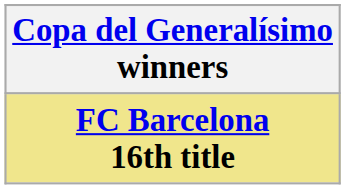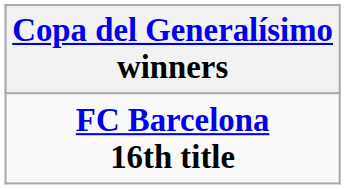 <table class="wikitable" style="text-align: center; margin: 0 auto;">
 <tr>
 <th><a href='#'>Copa del Generalísimo</a><br>winners</th>
 </tr>
 <tr>
-<td style="background: khaki;"><strong><a href='#'>FC Barcelona</a></strong><br><strong>16th title</strong></td>
+<td><strong><a href='#'>FC Barcelona</a></strong><br><strong>16th title</strong></td>
 </tr>
 </table>
